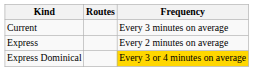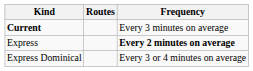 <table class="wikitable" style="margin-left: auto; margin-right: auto; border: none;">
 <tr>
 <th>Kind</th>
 <th>Routes</th>
 <th>Frequency</th>
 </tr>
 <tr>
-<td>Current</td>
+<td><strong>Current</strong></td>
 <td>   </td>
 <td>Every 3 minutes on average</td>
 </tr>
 <tr>
 <td>Express</td>
 <td>    </td>
-<td>Every 2 minutes on average</td>
+<td><strong>Every 2 minutes on average</strong></td>
 </tr>
 <tr>
 <td>Express Dominical</td>
 <td>  </td>
-<td style="background: gold;">Every 3 or 4 minutes on average</td>
+<td>Every 3 or 4 minutes on average</td>
 </tr>
 </table>
